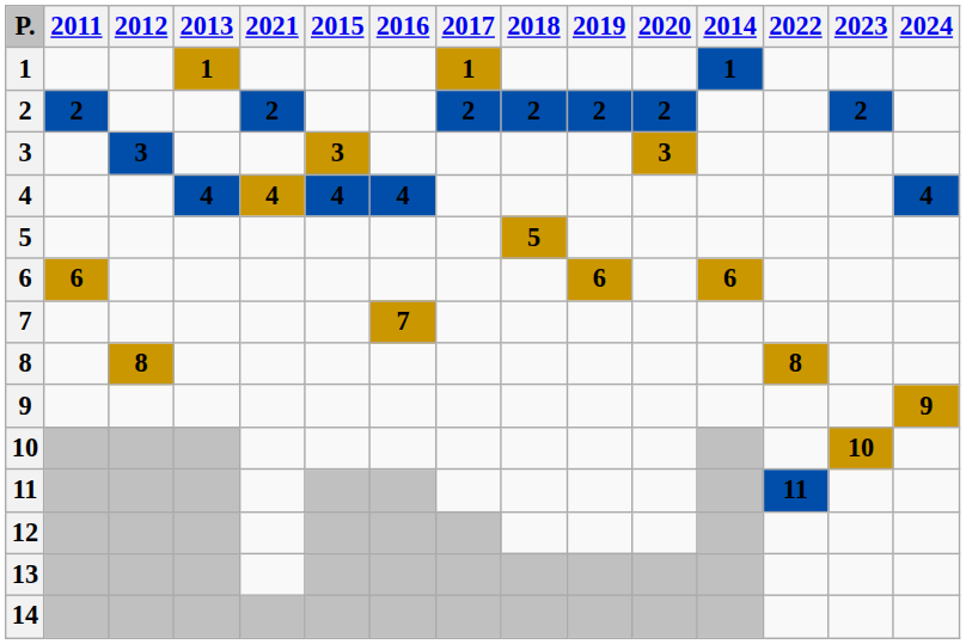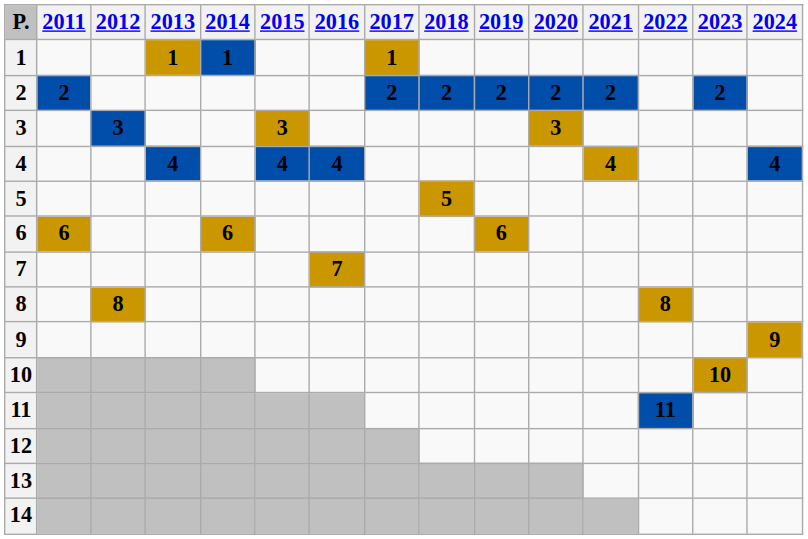 <table class="wikitable nowrap" style="text-align: center; font-size:100%">
 <tr>
 <th style="background:#c0c0c0">P.</th>
 <th><a href='#'>2011</a></th>
 <th><a href='#'>2012</a></th>
 <th><a href='#'>2013</a></th>
-<th><a href='#'>2021</a></th>
+<th><a href='#'>2014</a></th>
 <th><a href='#'>2015</a></th>
 <th><a href='#'>2016</a></th>
 <th><a href='#'>2017</a></th>
 <th><a href='#'>2018</a></th>
 <th><a href='#'>2019</a></th>
 <th><a href='#'>2020</a></th>
-<th><a href='#'>2014</a></th>
+<th><a href='#'>2021</a></th>
 <th><a href='#'>2022</a></th>
 <th><a href='#'>2023</a></th>
 <th><a href='#'>2024</a></th>
 </tr>
 <tr>
 <th>1</th>
 <td></td>
 <td></td>
 <td style="background-color:#CB9700"><span><strong>1</strong></span></td>
-<td></td>
+<td style="background-color:#004EAA"><span><strong>1</strong></span></td>
 <td></td>
 <td></td>
 <td style="background-color:#CB9700"><span><strong>1</strong></span></td>
 <td></td>
 <td></td>
 <td></td>
-<td style="background-color:#004EAA"><span><strong>1</strong></span></td>
+<td></td>
 <td></td>
 <td></td>
 <td></td>
 </tr>
 <tr>
 <th>2</th>
 <td style="background-color:#004EAA"><span><strong>2</strong></span></td>
 <td></td>
 <td></td>
-<td style="background-color:#004EAA"><span><strong>2</strong></span></td>
+<td></td>
 <td></td>
 <td></td>
 <td style="background-color:#004EAA"><span><strong>2</strong></span></td>
 <td style="background-color:#004EAA"><span><strong>2</strong></span></td>
 <td style="background-color:#004EAA"><span><strong>2</strong></span></td>
 <td style="background-color:#004EAA"><span><strong>2</strong></span></td>
-<td></td>
+<td style="background-color:#004EAA"><span><strong>2</strong></span></td>
 <td></td>
 <td style="background-color:#004EAA"><span><strong>2</strong></span></td>
 <td></td>
 </tr>
 <tr>
 <th>3</th>
 <td></td>
 <td style="background-color:#004EAA"><span><strong>3</strong></span></td>
 <td></td>
 <td></td>
 <td style="background-color:#CB9700"><span><strong>3</strong></span></td>
 <td></td>
 <td></td>
 <td></td>
 <td></td>
 <td style="background-color:#CB9700"><span><strong>3</strong></span></td>
 <td></td>
 <td></td>
 <td></td>
 <td></td>
 </tr>
 <tr>
 <th>4</th>
 <td></td>
 <td></td>
 <td style="background-color:#004EAA"><span><strong>4</strong></span></td>
-<td style="background-color:#CB9700"><span><strong>4</strong></span></td>
+<td></td>
 <td style="background-color:#004EAA"><span><strong>4</strong></span></td>
 <td style="background-color:#004EAA"><span><strong>4</strong></span></td>
 <td></td>
 <td></td>
 <td></td>
 <td></td>
-<td></td>
+<td style="background-color:#CB9700"><span><strong>4</strong></span></td>
 <td></td>
 <td></td>
 <td style="background-color:#004EAA"><span><strong>4</strong></span></td>
 </tr>
 <tr>
 <th>5</th>
 <td></td>
 <td></td>
 <td></td>
 <td></td>
 <td></td>
 <td></td>
 <td></td>
 <td style="background-color:#CB9700"><span><strong>5</strong></span></td>
 <td></td>
 <td></td>
 <td></td>
 <td></td>
 <td></td>
 <td></td>
 </tr>
 <tr>
 <th>6</th>
 <td style="background-color:#CB9700"><span><strong>6</strong></span></td>
 <td></td>
 <td></td>
-<td></td>
+<td style="background-color:#CB9700"><span><strong>6</strong></span></td>
 <td></td>
 <td></td>
 <td></td>
 <td></td>
 <td style="background-color:#CB9700"><span><strong>6</strong></span></td>
 <td></td>
-<td style="background-color:#CB9700"><span><strong>6</strong></span></td>
+<td></td>
 <td></td>
 <td></td>
 <td></td>
 </tr>
 <tr>
 <th>7</th>
 <td></td>
 <td></td>
 <td></td>
 <td></td>
 <td></td>
 <td style="background-color:#CB9700"><span><strong>7</strong></span></td>
 <td></td>
 <td></td>
 <td></td>
 <td></td>
 <td></td>
 <td></td>
 <td></td>
 <td></td>
 </tr>
 <tr>
 <th>8</th>
 <td></td>
 <td style="background-color:#CB9700"><span><strong>8</strong></span></td>
 <td></td>
 <td></td>
 <td></td>
 <td></td>
 <td></td>
 <td></td>
 <td></td>
 <td></td>
 <td></td>
 <td style="background-color:#CB9700"><span><strong>8</strong></span></td>
 <td></td>
 <td></td>
 </tr>
 <tr>
 <th>9</th>
 <td></td>
 <td></td>
 <td></td>
 <td></td>
 <td></td>
 <td></td>
 <td></td>
 <td></td>
 <td></td>
 <td></td>
 <td></td>
 <td></td>
 <td></td>
 <td style="background-color:#CB9700"><span><strong>9</strong></span></td>
 </tr>
 <tr>
 <th>10</th>
 <td style="background:#c0c0c0"></td>
 <td style="background:#c0c0c0"></td>
 <td style="background:#c0c0c0"></td>
+<td style="background:#c0c0c0"></td>
 <td></td>
 <td></td>
 <td></td>
 <td></td>
 <td></td>
 <td></td>
 <td></td>
-<td style="background:#c0c0c0"></td>
 <td></td>
 <td style="background-color:#CB9700"><span><strong>10</strong></span></td>
 <td></td>
 </tr>
 <tr>
 <th>11</th>
 <td style="background:#c0c0c0"></td>
 <td style="background:#c0c0c0"></td>
 <td style="background:#c0c0c0"></td>
-<td></td>
+<td style="background:#c0c0c0"></td>
 <td style="background:#c0c0c0"></td>
 <td style="background:#c0c0c0"></td>
 <td></td>
 <td></td>
 <td></td>
 <td></td>
-<td style="background:#c0c0c0"></td>
+<td></td>
 <td style="background-color:#004EAA"><span><strong>11</strong></span></td>
 <td></td>
 <td></td>
 </tr>
 <tr>
 <th>12</th>
 <td style="background:#c0c0c0"></td>
 <td style="background:#c0c0c0"></td>
 <td style="background:#c0c0c0"></td>
-<td></td>
+<td style="background:#c0c0c0"></td>
 <td style="background:#c0c0c0"></td>
 <td style="background:#c0c0c0"></td>
 <td style="background:#c0c0c0"></td>
 <td></td>
 <td></td>
 <td></td>
-<td style="background:#c0c0c0"></td>
+<td></td>
 <td></td>
 <td></td>
 <td></td>
 </tr>
 <tr>
 <th>13</th>
 <td style="background:#c0c0c0"></td>
 <td style="background:#c0c0c0"></td>
 <td style="background:#c0c0c0"></td>
-<td></td>
 <td style="background:#c0c0c0"></td>
 <td style="background:#c0c0c0"></td>
 <td style="background:#c0c0c0"></td>
 <td style="background:#c0c0c0"></td>
 <td style="background:#c0c0c0"></td>
 <td style="background:#c0c0c0"></td>
 <td style="background:#c0c0c0"></td>
+<td></td>
 <td></td>
 <td></td>
 <td></td>
 </tr>
 <tr>
 <th>14</th>
 <td style="background:#c0c0c0"></td>
 <td style="background:#c0c0c0"></td>
 <td style="background:#c0c0c0"></td>
 <td style="background:#c0c0c0"></td>
 <td style="background:#c0c0c0"></td>
 <td style="background:#c0c0c0"></td>
 <td style="background:#c0c0c0"></td>
 <td style="background:#c0c0c0"></td>
 <td style="background:#c0c0c0"></td>
 <td style="background:#c0c0c0"></td>
 <td style="background:#c0c0c0"></td>
 <td></td>
 <td></td>
 <td></td>
 </tr>
 </table>
